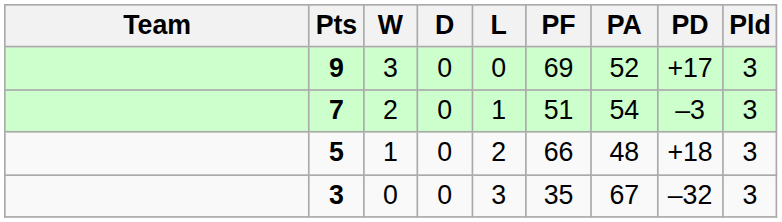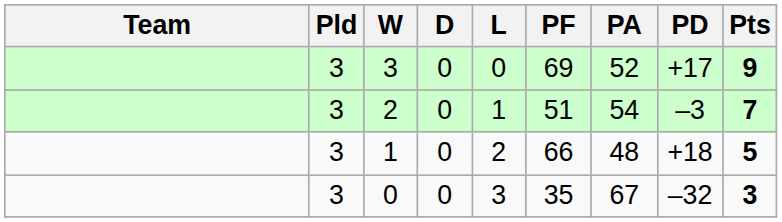 <table class="wikitable" style="text-align:center;">
 <tr>
 <th width=175>Team</th>
-<th width=25 abbr="Points">Pts</th>
+<th width=25 abbr="Played">Pld</th>
 <th width=25 abbr="Won">W</th>
 <th width=25 abbr="Drawn">D</th>
 <th width=25 abbr="Lost">L</th>
 <th width=32 abbr="Points for">PF</th>
 <th width=32 abbr="Points against">PA</th>
 <th width=32 abbr="Points difference">PD</th>
-<th width=25 abbr="Played">Pld</th>
+<th width=25 abbr="Points">Pts</th>
 </tr>
 <tr bgcolor=ccffcc>
 <td align=left></td>
-<td><strong>9</strong></td>
+<td>3</td>
 <td>3</td>
 <td>0</td>
 <td>0</td>
 <td>69</td>
 <td>52</td>
 <td>+17</td>
-<td>3</td>
+<td><strong>9</strong></td>
 </tr>
 <tr bgcolor=ccffcc>
 <td align=left></td>
-<td><strong>7</strong></td>
+<td>3</td>
 <td>2</td>
 <td>0</td>
 <td>1</td>
 <td>51</td>
 <td>54</td>
 <td>–3</td>
-<td>3</td>
+<td><strong>7</strong></td>
 </tr>
 <tr>
 <td align=left></td>
-<td><strong>5</strong></td>
+<td>3</td>
 <td>1</td>
 <td>0</td>
 <td>2</td>
 <td>66</td>
 <td>48</td>
 <td>+18</td>
-<td>3</td>
+<td><strong>5</strong></td>
 </tr>
 <tr>
 <td align=left></td>
-<td><strong>3</strong></td>
+<td>3</td>
 <td>0</td>
 <td>0</td>
 <td>3</td>
 <td>35</td>
 <td>67</td>
 <td>–32</td>
-<td>3</td>
+<td><strong>3</strong></td>
 </tr>
 </table>
